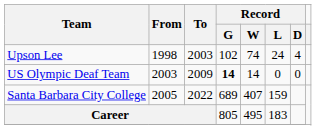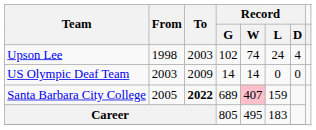 <table class="wikitable" style="text-align: center">
 <tr>
 <th rowspan="2">Team</th>
 <th rowspan="2">From</th>
 <th rowspan="2">To</th>
 <th colspan="4">Record</th>
 </tr>
 <tr>
 <th>G</th>
 <th>W</th>
 <th>L</th>
 <th>D</th>
 <th></th>
 </tr>
 <tr>
 <td align=left><a href='#'>Upson Lee</a></td>
 <td align=left>1998</td>
 <td align=left>2003</td>
 <td>102</td>
 <td>74</td>
 <td>24</td>
 <td>4</td>
 <td></td>
 </tr>
 <tr>
 <td align=left><a href='#'>US Olympic Deaf Team</a></td>
 <td align=left>2003</td>
 <td align=left>2009</td>
-<td><strong>14</strong></td>
+<td>14</td>
 <td>14</td>
 <td>0</td>
 <td>0</td>
 <td></td>
 </tr>
 <tr>
 <td align=left><a href='#'>Santa Barbara City College</a></td>
 <td align=left>2005</td>
-<td align=left>2022</td>
+<td align=left><strong>2022</strong></td>
 <td>689</td>
-<td>407</td>
+<td style="background: pink;">407</td>
 <td>159</td>
 <td 114></td>
 </tr>
 <tr>
 <th colspan="3"><strong>Career</strong></th>
 <td>805</td>
 <td>495</td>
 <td>183</td>
 <td 118></td>
 </tr>
 <tr>
 </tr>
 </table>
